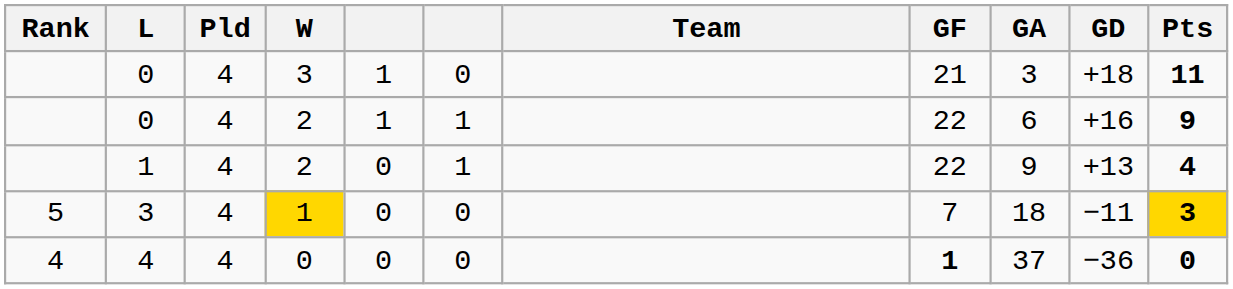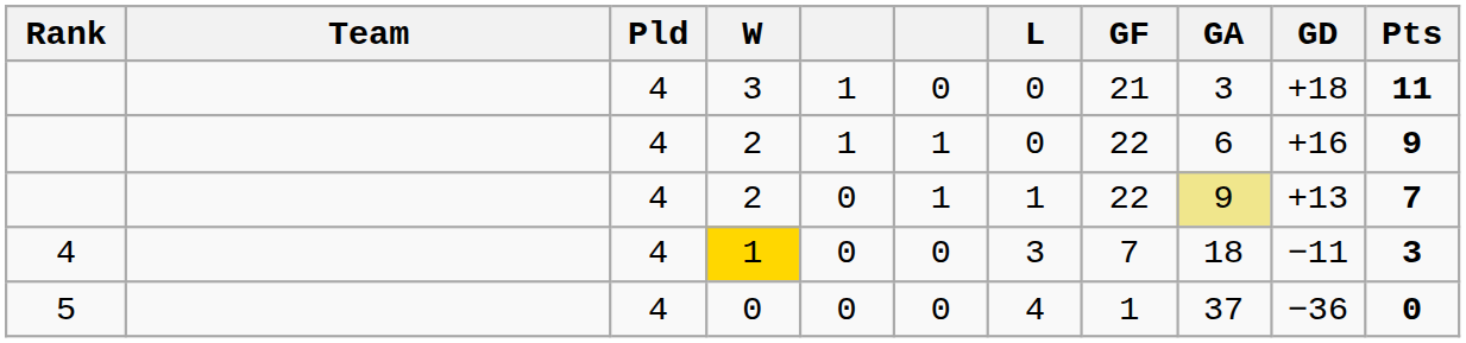 <table class="wikitable" style="text-align: center;">
 <tr>
 <th width="40">Rank</th>
-<th width="30">L</th>
+<th width="180">Team</th>
 <th width="30">Pld</th>
 <th width="30">W</th>
 <th width="30"></th>
 <th width="30"></th>
-<th width="180">Team</th>
+<th width="30">L</th>
 <th width="30">GF</th>
 <th width="30">GA</th>
 <th width="30">GD</th>
 <th width="30">Pts</th>
 </tr>
 <tr>
 <td></td>
-<td>0</td>
+<td style="text-align:left;"></td>
 <td>4</td>
 <td>3</td>
 <td>1</td>
 <td>0</td>
-<td style="text-align:left;"></td>
+<td>0</td>
 <td>21</td>
 <td>3</td>
 <td>+18</td>
 <td><strong>11</strong></td>
 </tr>
 <tr>
 <td></td>
-<td>0</td>
+<td style="text-align:left;"></td>
 <td>4</td>
 <td>2</td>
 <td>1</td>
 <td>1</td>
-<td style="text-align:left;"></td>
+<td>0</td>
 <td>22</td>
 <td>6</td>
 <td>+16</td>
 <td><strong>9</strong></td>
 </tr>
 <tr>
 <td></td>
-<td>1</td>
+<td style="text-align:left;"></td>
 <td>4</td>
 <td>2</td>
 <td>0</td>
 <td>1</td>
-<td style="text-align:left;"></td>
+<td>1</td>
 <td>22</td>
-<td>9</td>
+<td style="background: khaki;">9</td>
 <td>+13</td>
-<td><strong>4</strong></td>
+<td><strong>7</strong></td>
 </tr>
 <tr>
-<td>5</td>
-<td>3</td>
+<td>4</td>
+<td style="text-align:left;"><strong></strong></td>
 <td>4</td>
 <td style="background: gold;">1</td>
 <td>0</td>
 <td>0</td>
-<td style="text-align:left;"><strong></strong></td>
+<td>3</td>
 <td>7</td>
 <td>18</td>
 <td>−11</td>
-<td style="background: gold;"><strong>3</strong></td>
+<td><strong>3</strong></td>
 </tr>
 <tr>
-<td>4</td>
-<td>4</td>
+<td>5</td>
+<td style="text-align:left;"></td>
 <td>4</td>
 <td>0</td>
 <td>0</td>
 <td>0</td>
-<td style="text-align:left;"></td>
-<td><strong>1</strong></td>
+<td>4</td>
+<td>1</td>
 <td>37</td>
 <td>−36</td>
 <td><strong>0</strong></td>
 </tr>
 </table>
